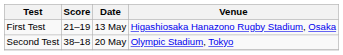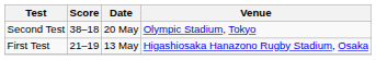 <table class="wikitable">
 <tr>
 <th>Test</th>
 <th>Score</th>
 <th>Date</th>
 <th>Venue</th>
 </tr>
 <tr>
+<td>Second Test</td>
+<td align=center>38–18</td>
+<td>20 May</td>
+<td><a href='#'>Olympic Stadium</a>, <a href='#'>Tokyo</a></td>
+</tr>
+<tr>
 <td>First Test</td>
 <td align=center>21–19</td>
 <td>13 May</td>
 <td><a href='#'>Higashiosaka Hanazono Rugby Stadium</a>, <a href='#'>Osaka</a></td>
 </tr>
 <tr>
-<td>Second Test</td>
-<td align=center>38–18</td>
-<td>20 May</td>
-<td><a href='#'>Olympic Stadium</a>, <a href='#'>Tokyo</a></td>
-</tr>
-<tr>
 </tr>
 </table>
